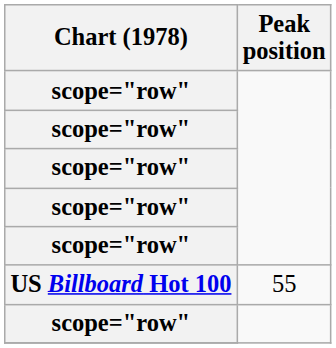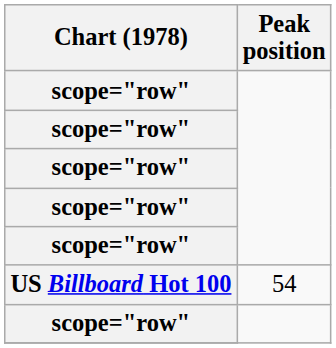 <table class="wikitable sortable plainrowheaders">
 <tr>
 <th>Chart (1978)</th>
 <th>Peak<br>position</th>
 </tr>
 <tr>
 <th>scope="row" </th>
 </tr>
 <tr>
 <th>scope="row" </th>
 </tr>
 <tr>
 <th>scope="row" </th>
 </tr>
 <tr>
 <th>scope="row" </th>
 </tr>
 <tr>
 <th>scope="row" </th>
 </tr>
 <tr>
 <th scope="row">US <a href='#'><em>Billboard</em> Hot 100</a></th>
-<td style="text-align:center;">55</td>
+<td style="text-align:center;">54</td>
 </tr>
 <tr>
 <th>scope="row" </th>
 </tr>
 <tr>
 </tr>
 </table>
